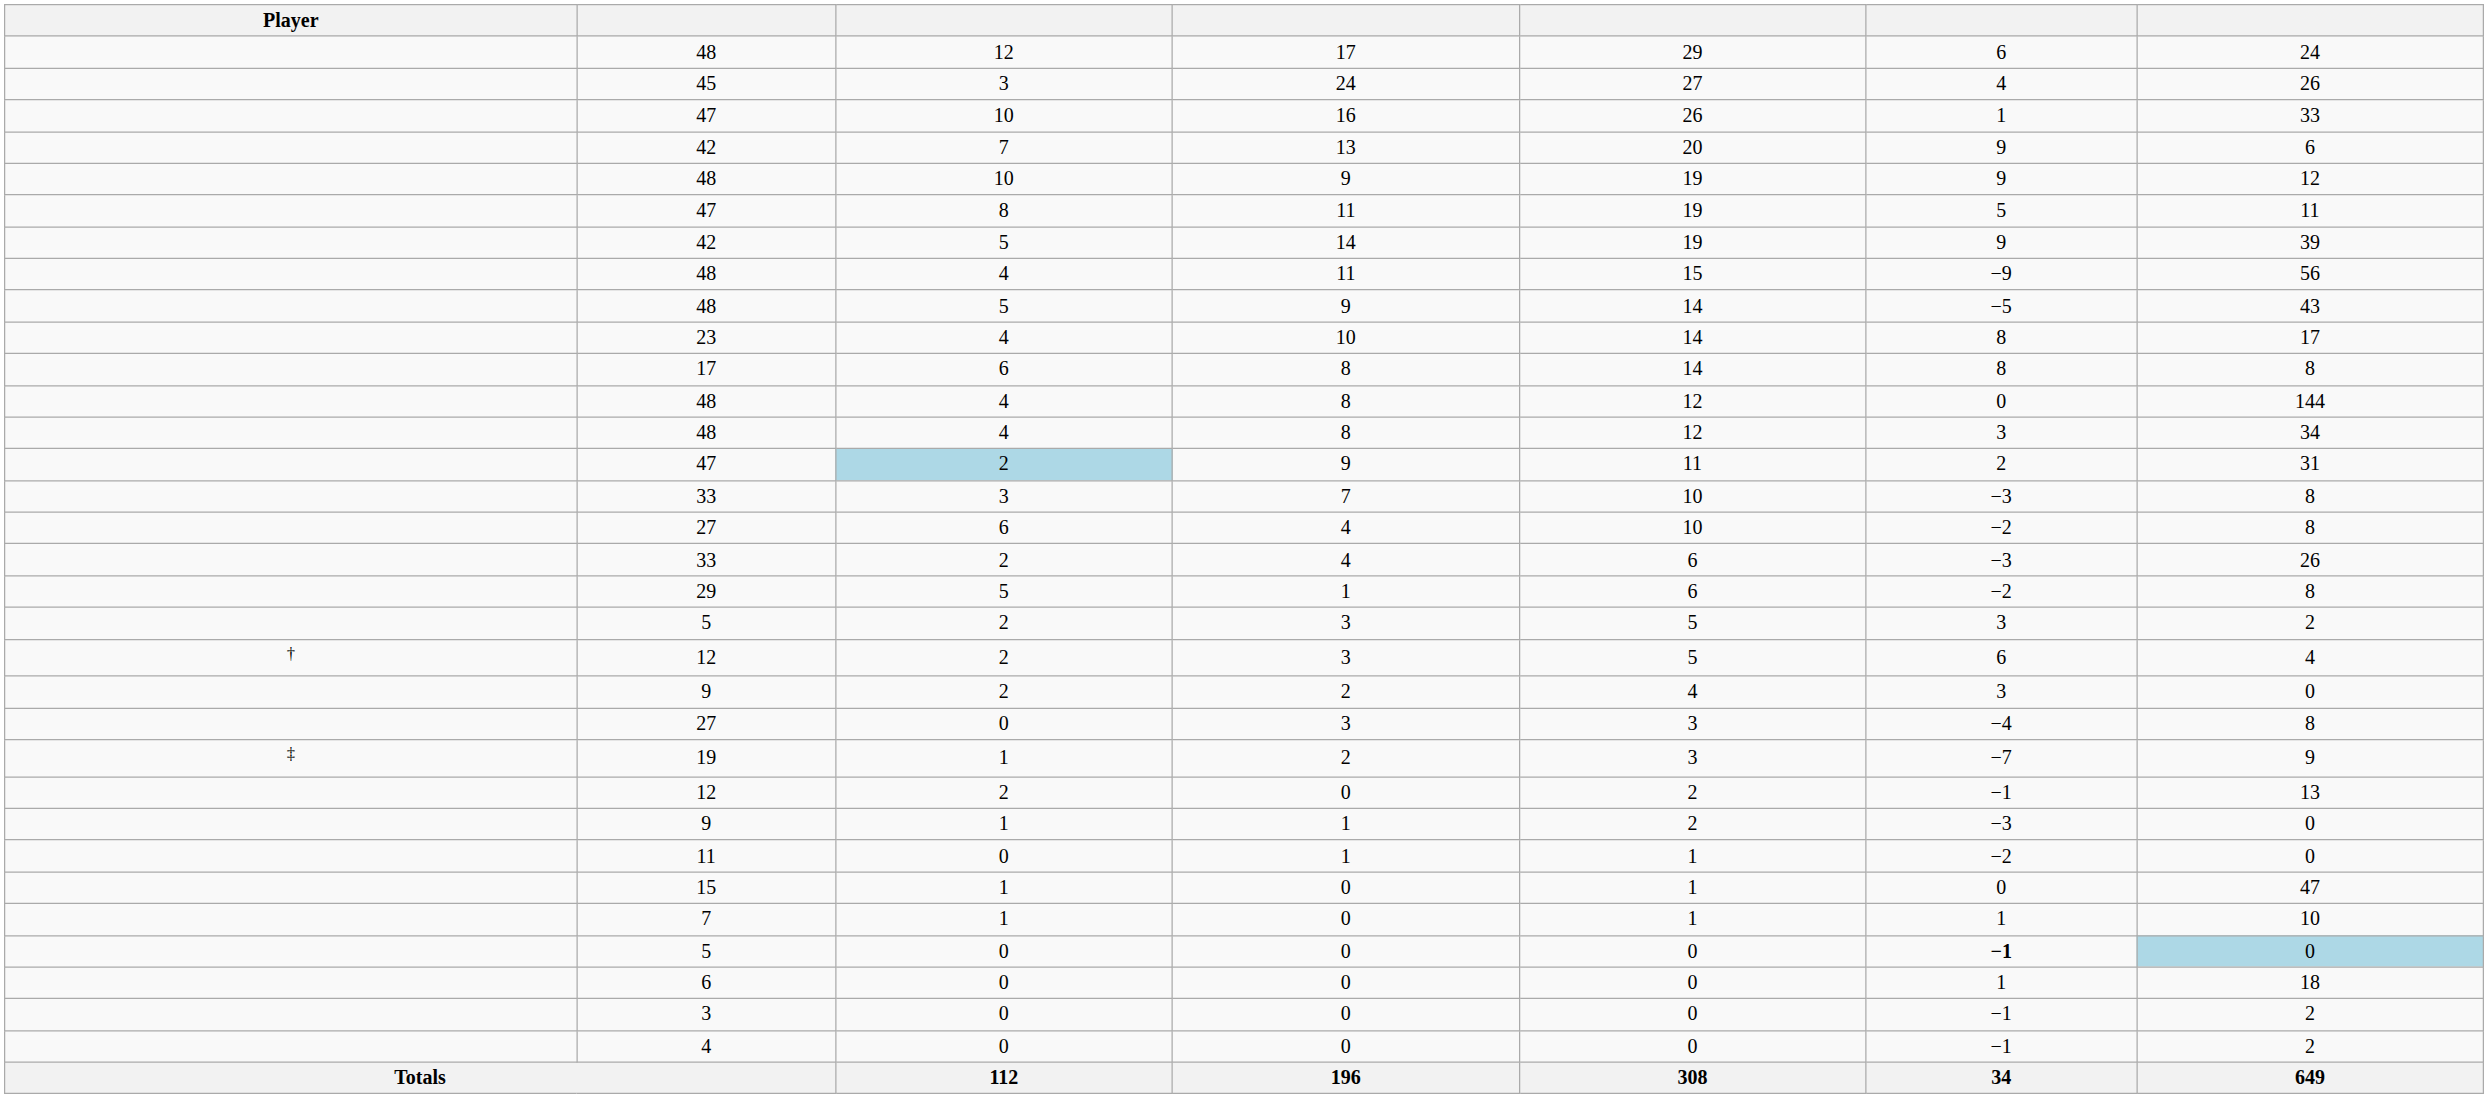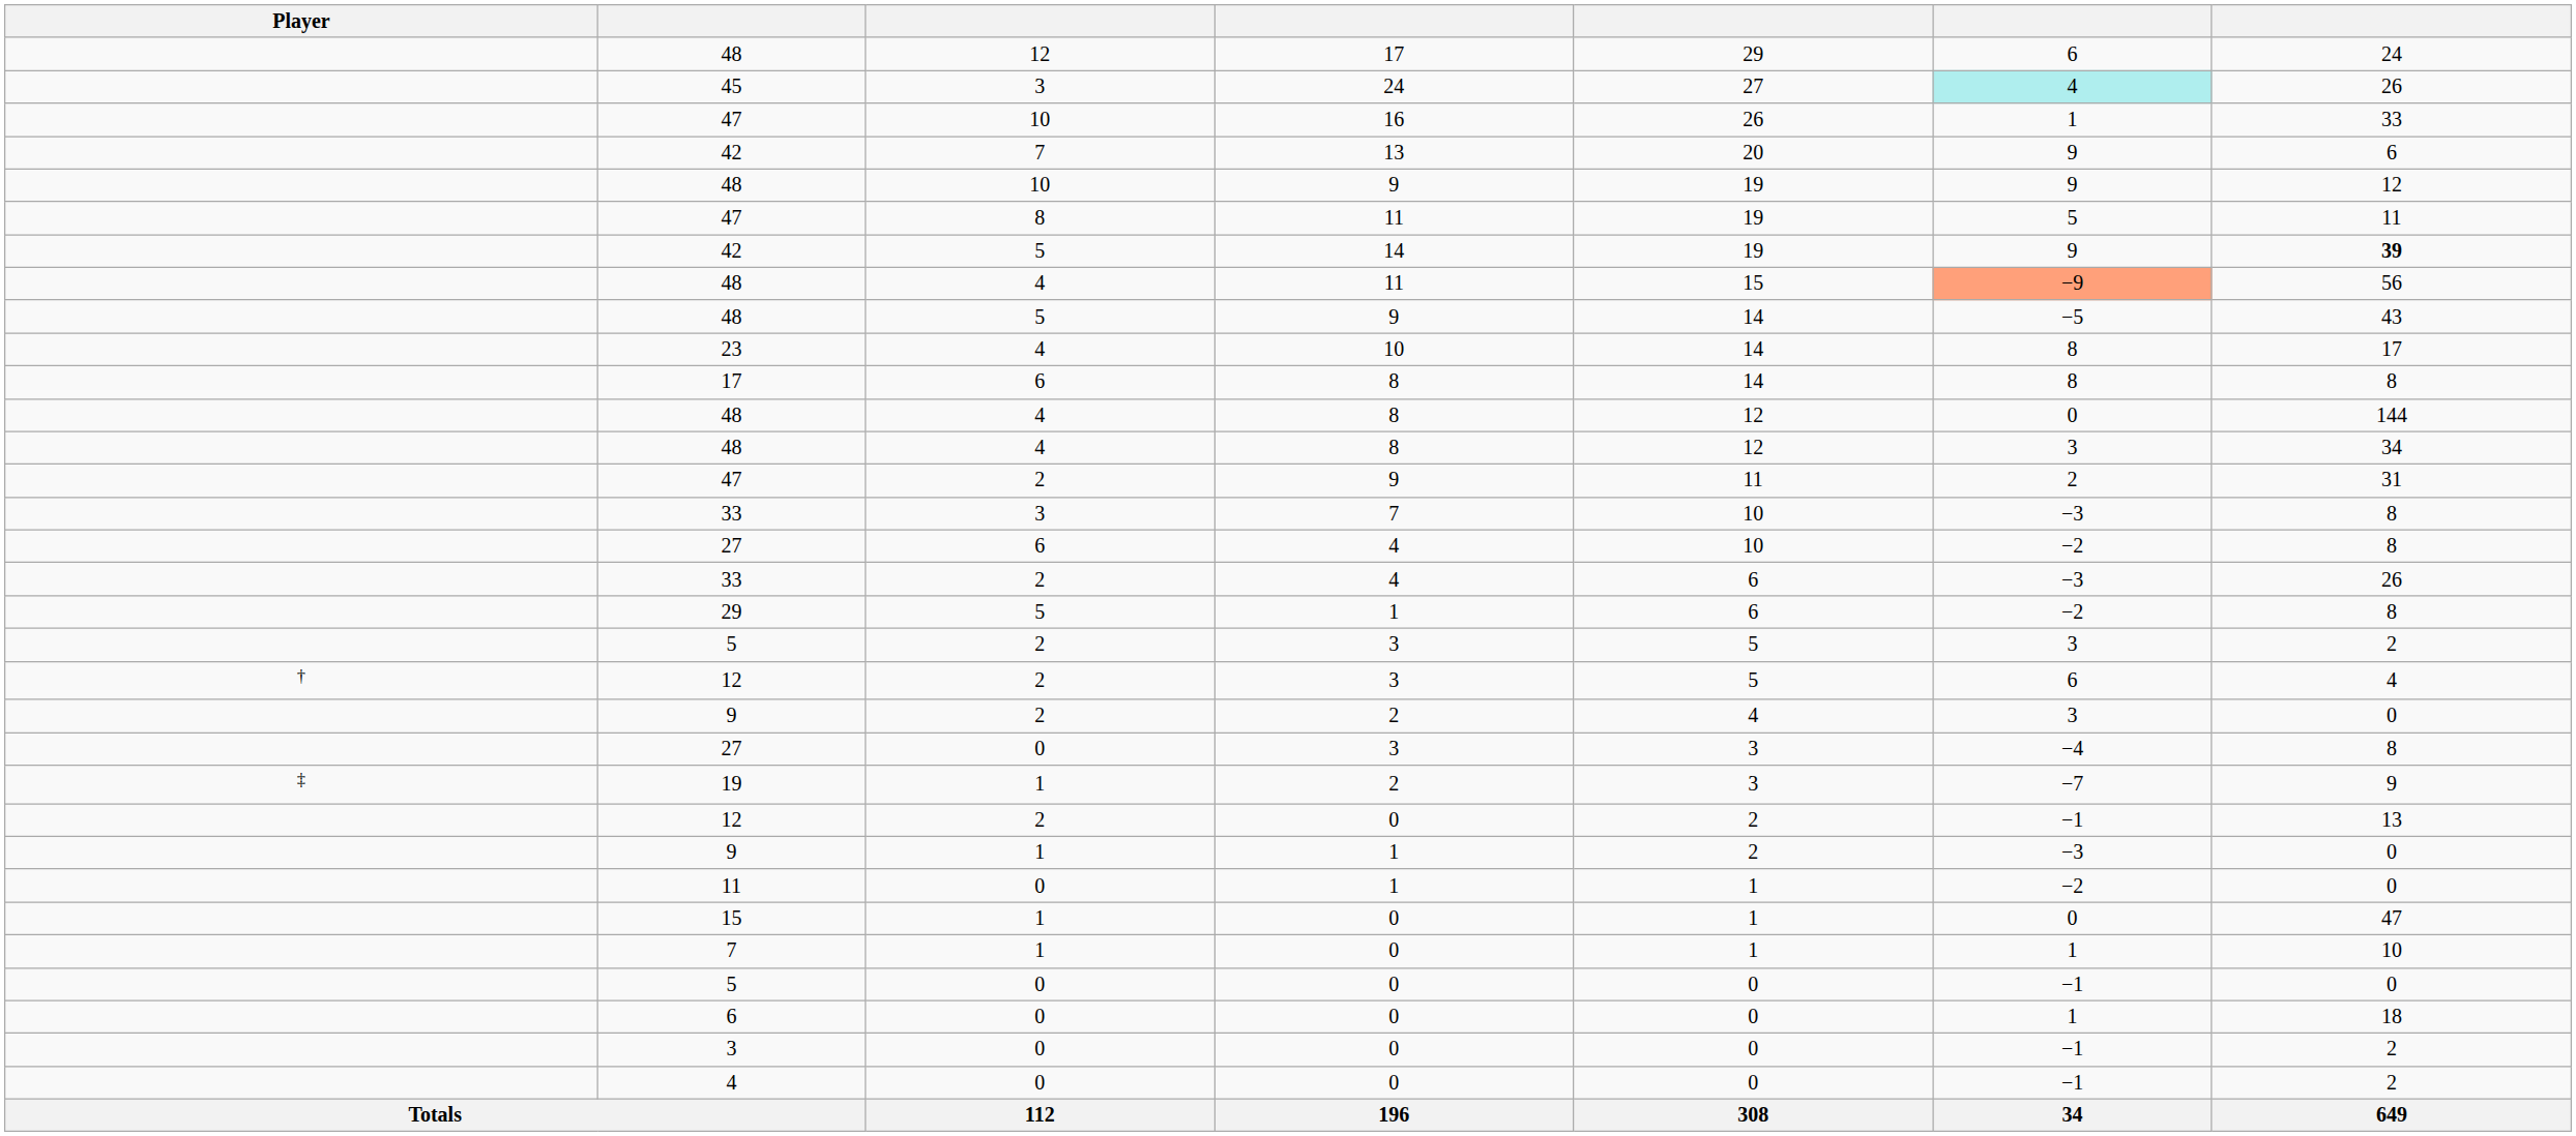 <table class="wikitable sortable" style="width:100%; text-align:center;">
 <tr>
 <th>Player</th>
 <th></th>
 <th></th>
 <th></th>
 <th></th>
 <th data-sort-type="number"></th>
 <th></th>
 </tr>
 <tr>
 <td></td>
 <td>48</td>
 <td>12</td>
 <td>17</td>
 <td>29</td>
 <td>6</td>
 <td>24</td>
 </tr>
 <tr>
 <td></td>
 <td>45</td>
 <td>3</td>
 <td>24</td>
 <td>27</td>
-<td>4</td>
+<td style="background: paleturquoise;">4</td>
 <td>26</td>
 </tr>
 <tr>
 <td></td>
 <td>47</td>
 <td>10</td>
 <td>16</td>
 <td>26</td>
 <td>1</td>
 <td>33</td>
 </tr>
 <tr>
 <td></td>
 <td>42</td>
 <td>7</td>
 <td>13</td>
 <td>20</td>
 <td>9</td>
 <td>6</td>
 </tr>
 <tr>
 <td></td>
 <td>48</td>
 <td>10</td>
 <td>9</td>
 <td>19</td>
 <td>9</td>
 <td>12</td>
 </tr>
 <tr>
 <td></td>
 <td>47</td>
 <td>8</td>
 <td>11</td>
 <td>19</td>
 <td>5</td>
 <td>11</td>
 </tr>
 <tr>
 <td></td>
 <td>42</td>
 <td>5</td>
 <td>14</td>
 <td>19</td>
 <td>9</td>
-<td>39</td>
+<td><strong>39</strong></td>
 </tr>
 <tr>
 <td></td>
 <td>48</td>
 <td>4</td>
 <td>11</td>
 <td>15</td>
-<td>−9</td>
+<td style="background: lightsalmon;">−9</td>
 <td>56</td>
 </tr>
 <tr>
 <td></td>
 <td>48</td>
 <td>5</td>
 <td>9</td>
 <td>14</td>
 <td>−5</td>
 <td>43</td>
 </tr>
 <tr>
 <td></td>
 <td>23</td>
 <td>4</td>
 <td>10</td>
 <td>14</td>
 <td>8</td>
 <td>17</td>
 </tr>
 <tr>
 <td></td>
 <td>17</td>
 <td>6</td>
 <td>8</td>
 <td>14</td>
 <td>8</td>
 <td>8</td>
 </tr>
 <tr>
 <td></td>
 <td>48</td>
 <td>4</td>
 <td>8</td>
 <td>12</td>
 <td>0</td>
 <td>144</td>
 </tr>
 <tr>
 <td></td>
 <td>48</td>
 <td>4</td>
 <td>8</td>
 <td>12</td>
 <td>3</td>
 <td>34</td>
 </tr>
 <tr>
 <td></td>
 <td>47</td>
-<td style="background: lightblue;">2</td>
+<td>2</td>
 <td>9</td>
 <td>11</td>
 <td>2</td>
 <td>31</td>
 </tr>
 <tr>
 <td></td>
 <td>33</td>
 <td>3</td>
 <td>7</td>
 <td>10</td>
 <td>−3</td>
 <td>8</td>
 </tr>
 <tr>
 <td></td>
 <td>27</td>
 <td>6</td>
 <td>4</td>
 <td>10</td>
 <td>−2</td>
 <td>8</td>
 </tr>
 <tr>
 <td></td>
 <td>33</td>
 <td>2</td>
 <td>4</td>
 <td>6</td>
 <td>−3</td>
 <td>26</td>
 </tr>
 <tr>
 <td></td>
 <td>29</td>
 <td>5</td>
 <td>1</td>
 <td>6</td>
 <td>−2</td>
 <td>8</td>
 </tr>
 <tr>
 <td></td>
 <td>5</td>
 <td>2</td>
 <td>3</td>
 <td>5</td>
 <td>3</td>
 <td>2</td>
 </tr>
 <tr>
 <td><sup>†</sup></td>
 <td>12</td>
 <td>2</td>
 <td>3</td>
 <td>5</td>
 <td>6</td>
 <td>4</td>
 </tr>
 <tr>
 <td></td>
 <td>9</td>
 <td>2</td>
 <td>2</td>
 <td>4</td>
 <td>3</td>
 <td>0</td>
 </tr>
 <tr>
 <td></td>
 <td>27</td>
 <td>0</td>
 <td>3</td>
 <td>3</td>
 <td>−4</td>
 <td>8</td>
 </tr>
 <tr>
 <td><sup>‡</sup></td>
 <td>19</td>
 <td>1</td>
 <td>2</td>
 <td>3</td>
 <td>−7</td>
 <td>9</td>
 </tr>
 <tr>
 <td></td>
 <td>12</td>
 <td>2</td>
 <td>0</td>
 <td>2</td>
 <td>−1</td>
 <td>13</td>
 </tr>
 <tr>
 <td></td>
 <td>9</td>
 <td>1</td>
 <td>1</td>
 <td>2</td>
 <td>−3</td>
 <td>0</td>
 </tr>
 <tr>
 <td></td>
 <td>11</td>
 <td>0</td>
 <td>1</td>
 <td>1</td>
 <td>−2</td>
 <td>0</td>
 </tr>
 <tr>
 <td></td>
 <td>15</td>
 <td>1</td>
 <td>0</td>
 <td>1</td>
 <td>0</td>
 <td>47</td>
 </tr>
 <tr>
 <td></td>
 <td>7</td>
 <td>1</td>
 <td>0</td>
 <td>1</td>
 <td>1</td>
 <td>10</td>
 </tr>
 <tr>
 <td></td>
 <td>5</td>
 <td>0</td>
 <td>0</td>
 <td>0</td>
-<td><strong>−1</strong></td>
-<td style="background: lightblue;">0</td>
+<td>−1</td>
+<td>0</td>
 </tr>
 <tr>
 <td></td>
 <td>6</td>
 <td>0</td>
 <td>0</td>
 <td>0</td>
 <td>1</td>
 <td>18</td>
 </tr>
 <tr>
 <td></td>
 <td>3</td>
 <td>0</td>
 <td>0</td>
 <td>0</td>
 <td>−1</td>
 <td>2</td>
 </tr>
 <tr>
 <td></td>
 <td>4</td>
 <td>0</td>
 <td>0</td>
 <td>0</td>
 <td>−1</td>
 <td>2</td>
 </tr>
 <tr class="unsortable">
 <th colspan=2>Totals</th>
 <th>112</th>
 <th>196</th>
 <th>308</th>
 <th>34</th>
 <th>649</th>
 </tr>
 </table>
